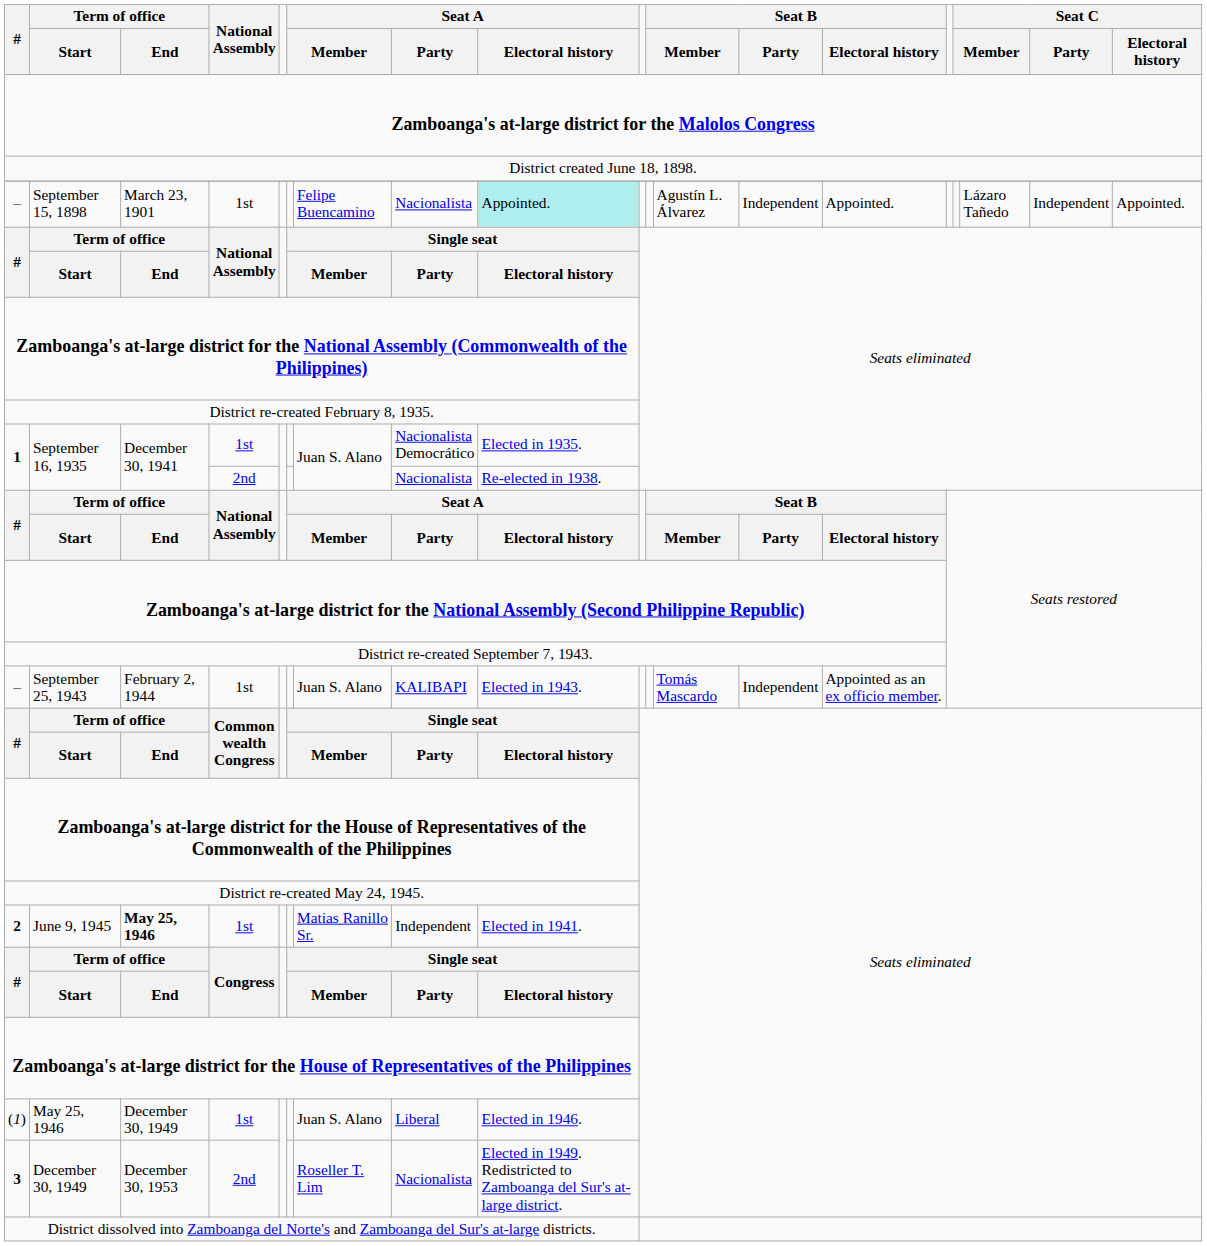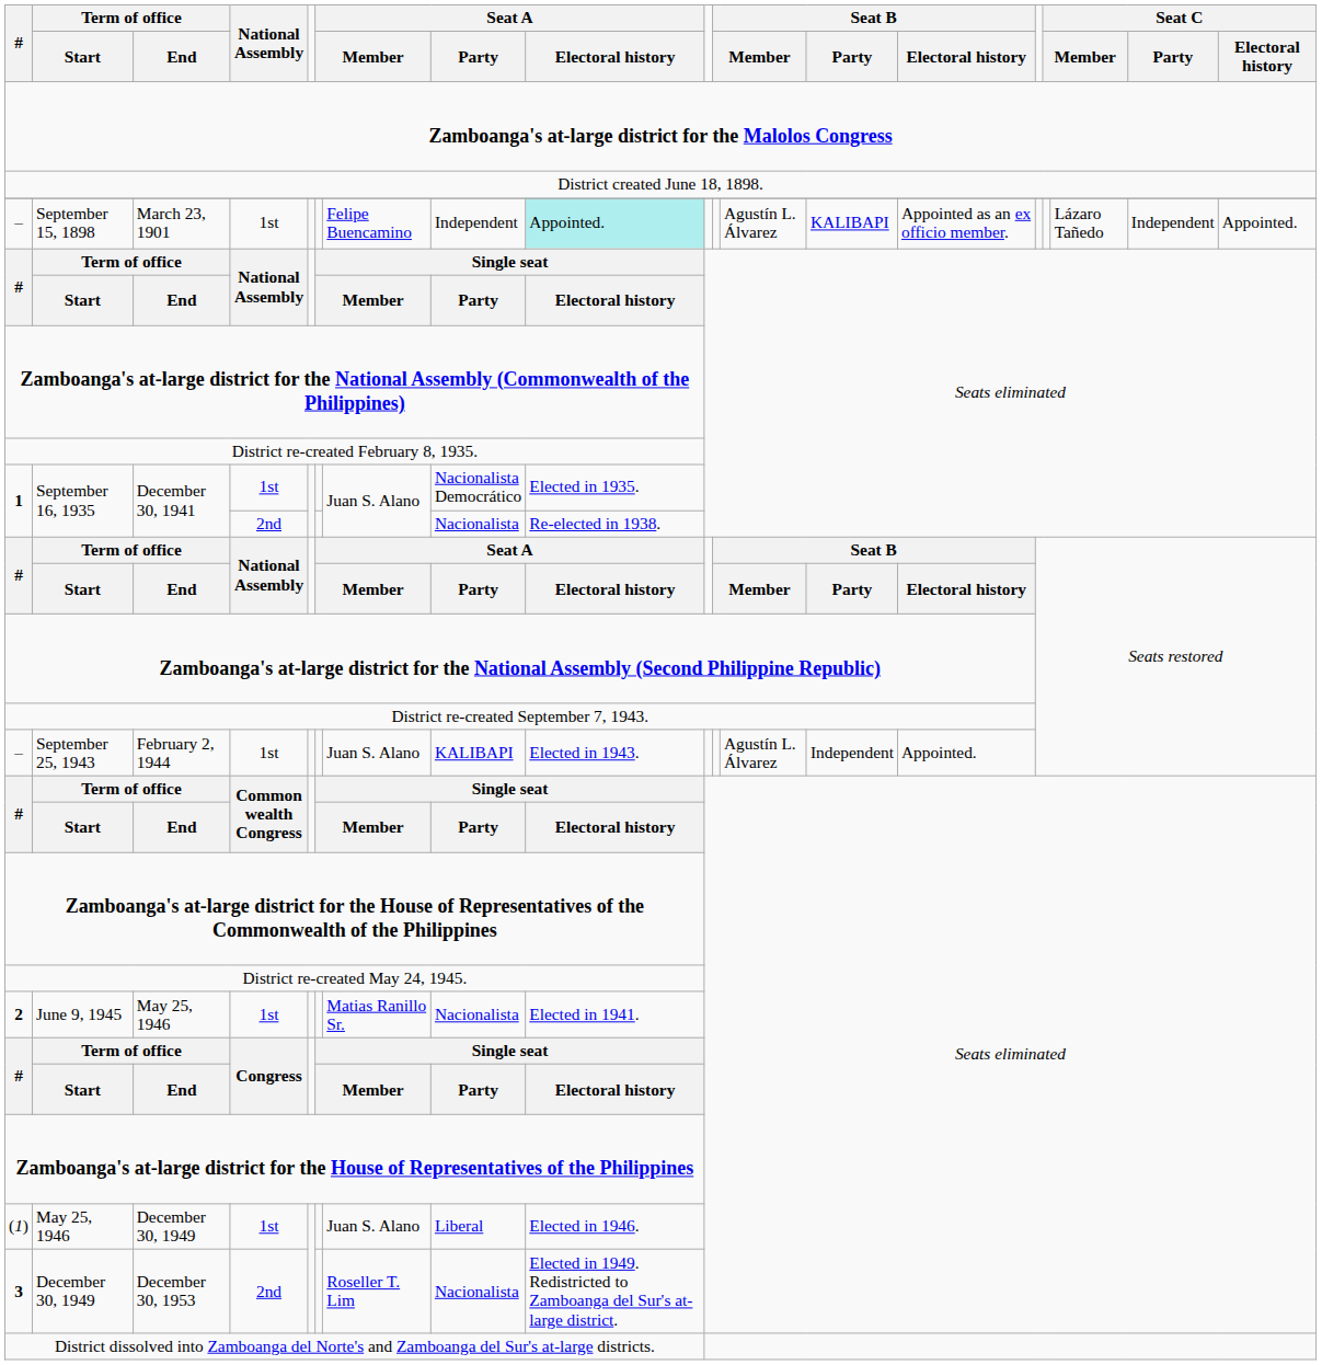 <table class=wikitable>
 <tr>
 <th rowspan=2>#</th>
 <th colspan=2>Term of office</th>
 <th rowspan=2>National<br>Assembly</th>
 <td rowspan=2></td>
 <th colspan=4>Seat A</th>
 <td rowspan=2></td>
 <th colspan=4>Seat B</th>
 <td rowspan=2></td>
 <th colspan=4>Seat C</th>
 </tr>
 <tr style="height:3em">
 <th>Start</th>
 <th>End</th>
 <th colspan="2" style="text-align:center;">Member</th>
 <th>Party</th>
 <th>Electoral history</th>
 <th colspan="2" style="text-align:center;">Member</th>
 <th>Party</th>
 <th>Electoral history</th>
 <th colspan="2" style="text-align:center;">Member</th>
 <th>Party</th>
 <th>Electoral history</th>
 </tr>
 <tr>
 <td colspan="19" style="text-align:center;"><br><h3>Zamboanga's at-large district for the <a href='#'>Malolos Congress</a></h3></td>
 </tr>
 <tr>
 <td colspan="19" style="text-align:center;">District created June 18, 1898.</td>
 </tr>
 <tr>
 </tr>
 <tr style="height:3em">
 <td style="text-align:center;">–</td>
 <td>September 15, 1898</td>
 <td>March 23, 1901</td>
 <td style="text-align:center;">1st</td>
 <td></td>
 <td style="color:inherit;background:"></td>
 <td><a href='#'>Felipe Buencamino</a></td>
-<td><a href='#'>Nacionalista</a></td>
+<td>Independent</td>
 <td style="background: paleturquoise;">Appointed.</td>
 <td></td>
 <td style="color:inherit;background:"></td>
 <td>Agustín L. Álvarez</td>
-<td>Independent</td>
-<td>Appointed.</td>
+<td><a href='#'>KALIBAPI</a></td>
+<td>Appointed as an <a href='#'>ex officio member</a>.</td>
 <td></td>
 <td style="color:inherit;background:"></td>
 <td>Lázaro Tañedo</td>
 <td>Independent</td>
 <td>Appointed.</td>
 </tr>
 <tr>
 <th rowspan=2>#</th>
 <th colspan=2>Term of office</th>
 <th rowspan=2>National<br>Assembly</th>
 <td rowspan=2></td>
 <th colspan=4>Single seat</th>
 <td rowspan=6 colspan=10 style="text-align:center;"><em>Seats eliminated</em></td>
 </tr>
 <tr style="height:3em">
 <th>Start</th>
 <th>End</th>
 <th colspan="2" style="text-align:center;">Member</th>
 <th>Party</th>
 <th>Electoral history</th>
 </tr>
 <tr>
 <td colspan="9" style="text-align:center;"><br><h3>Zamboanga's at-large district for the <a href='#'>National Assembly (Commonwealth of the Philippines)</a></h3></td>
 </tr>
 <tr>
 <td colspan="9" style="text-align:center;">District re-created February 8, 1935.</td>
 </tr>
 <tr>
 <td rowspan="2" style="text-align:center;"><strong>1</strong></td>
 <td rowspan="2">September 16, 1935</td>
 <td rowspan="2">December 30, 1941</td>
 <td style="text-align:center;"><a href='#'>1st</a></td>
 <td rowspan=2></td>
 <td style="color:inherit;background:"></td>
 <td rowspan="2">Juan S. Alano</td>
 <td><a href='#'>Nacionalista</a><br>Democrático</td>
 <td><a href='#'>Elected in 1935</a>.</td>
 </tr>
 <tr>
 <td style="text-align:center;"><a href='#'>2nd</a></td>
 <td style="color:inherit;background:"></td>
 <td><a href='#'>Nacionalista</a></td>
 <td><a href='#'>Re-elected in 1938</a>.</td>
 </tr>
 <tr>
 <th rowspan=2>#</th>
 <th colspan=2>Term of office</th>
 <th rowspan=2>National<br>Assembly</th>
 <td rowspan=2></td>
 <th colspan=4>Seat A</th>
 <td rowspan=2></td>
 <th colspan=4>Seat B</th>
 <td rowspan=5 colspan=5 style="text-align:center;"><em>Seats restored</em></td>
 </tr>
 <tr style="height:3em">
 <th>Start</th>
 <th>End</th>
 <th colspan="2" style="text-align:center;">Member</th>
 <th>Party</th>
 <th>Electoral history</th>
 <th colspan="2" style="text-align:center;">Member</th>
 <th>Party</th>
 <th>Electoral history</th>
 </tr>
 <tr>
 <td colspan="14" style="text-align:center;"><br><h3>Zamboanga's at-large district for the <a href='#'>National Assembly (Second Philippine Republic)</a></h3></td>
 </tr>
 <tr>
 <td colspan="14" style="text-align:center;">District re-created September 7, 1943.</td>
 </tr>
 <tr>
 <td style="text-align:center;">–</td>
 <td>September 25, 1943</td>
 <td>February 2, 1944</td>
 <td style="text-align:center;">1st</td>
 <td></td>
 <td style="color:inherit;background:"></td>
 <td>Juan S. Alano</td>
 <td><a href='#'>KALIBAPI</a></td>
 <td><a href='#'>Elected in 1943</a>.</td>
 <td></td>
 <td style="color:inherit;background:"></td>
-<td><a href='#'>Tomás Mascardo</a></td>
+<td>Agustín L. Álvarez</td>
 <td>Independent</td>
-<td>Appointed as an <a href='#'>ex officio member</a>.</td>
+<td>Appointed.</td>
 </tr>
 <tr>
 <th rowspan=2>#</th>
 <th colspan=2>Term of office</th>
 <th rowspan=2>Common<br>wealth<br>Congress</th>
 <td rowspan=2></td>
 <th colspan=4>Single seat</th>
 <td rowspan=10 colspan=10 style="text-align:center;"><em>Seats eliminated</em></td>
 </tr>
 <tr style="height:3em">
 <th>Start</th>
 <th>End</th>
 <th colspan="2" style="text-align:center;">Member</th>
 <th>Party</th>
 <th>Electoral history</th>
 </tr>
 <tr>
 <td colspan="9" style="text-align:center;"><br><h3>Zamboanga's at-large district for the House of Representatives of the Commonwealth of the Philippines</h3></td>
 </tr>
 <tr>
 <td colspan="9" style="text-align:center;">District re-created May 24, 1945.</td>
 </tr>
 <tr>
 <td style="text-align:center;"><strong>2</strong></td>
 <td>June 9, 1945</td>
-<td><strong>May 25, 1946</strong></td>
+<td>May 25, 1946</td>
 <td style="text-align:center;"><a href='#'>1st</a></td>
 <td></td>
 <td style="color:inherit;background:"></td>
 <td><a href='#'>Matias Ranillo Sr.</a></td>
-<td>Independent</td>
+<td><a href='#'>Nacionalista</a></td>
 <td><a href='#'>Elected in 1941</a>.</td>
 </tr>
 <tr>
 <th rowspan=2>#</th>
 <th colspan=2>Term of office</th>
 <th rowspan=2>Congress</th>
 <td rowspan=2></td>
 <th colspan=4>Single seat</th>
 </tr>
 <tr style="height:3em">
 <th>Start</th>
 <th>End</th>
 <th colspan="2" style="text-align:center;">Member</th>
 <th>Party</th>
 <th>Electoral history</th>
 </tr>
 <tr>
 <td colspan="9" style="text-align:center;"><br><h3>Zamboanga's at-large district for the <a href='#'>House of Representatives of the Philippines</a></h3></td>
 </tr>
 <tr>
 <td style="text-align:center;">(<em>1</em>)</td>
 <td>May 25, 1946</td>
 <td>December 30, 1949</td>
 <td style="text-align:center;"><a href='#'>1st</a></td>
 <td rowspan=2></td>
 <td style="color:inherit;background:"></td>
 <td>Juan S. Alano</td>
 <td><a href='#'>Liberal</a></td>
 <td><a href='#'>Elected in 1946</a>.</td>
 </tr>
 <tr>
 <td style="text-align:center;"><strong>3</strong></td>
 <td>December 30, 1949</td>
 <td>December 30, 1953</td>
 <td style="text-align:center;"><a href='#'>2nd</a></td>
 <td style="color:inherit;background:"></td>
 <td><a href='#'>Roseller T. Lim</a></td>
 <td><a href='#'>Nacionalista</a></td>
 <td><a href='#'>Elected in 1949</a>.<br>Redistricted to <a href='#'>Zamboanga del Sur's at-large district</a>.</td>
 </tr>
 <tr>
 <td colspan="9" style="text-align:center;">District dissolved into <a href='#'>Zamboanga del Norte's</a> and <a href='#'>Zamboanga del Sur's at-large</a> districts.</td>
 <td colspan="10" style="text-align:center;"></td>
 </tr>
 </table>
